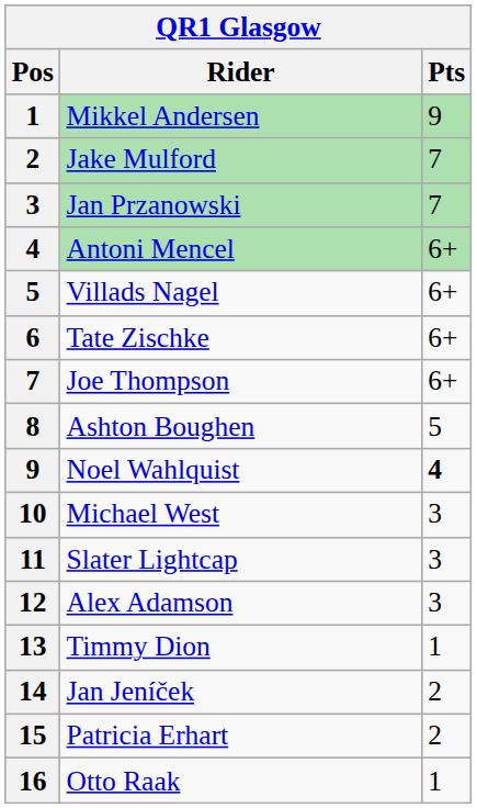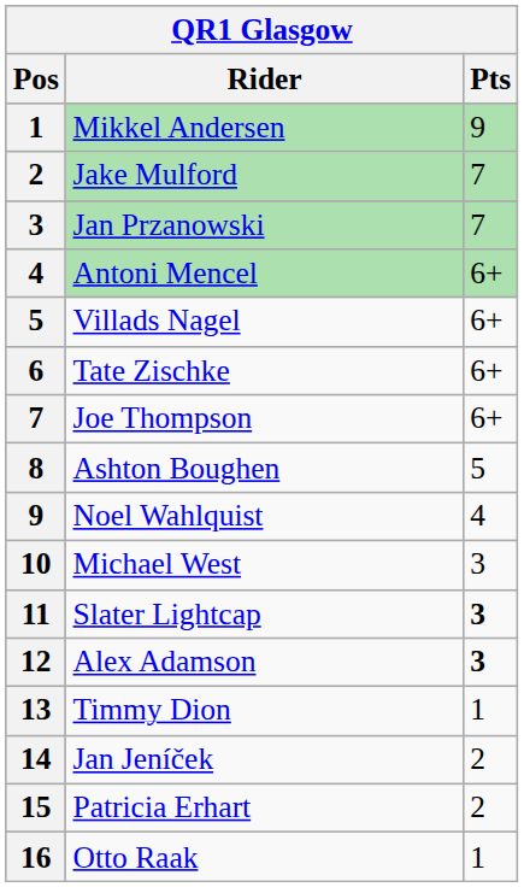 <table class="wikitable">
 <tr>
 <th colspan="3"><a href='#'>QR1 Glasgow</a></th>
 </tr>
 <tr>
 <th width=20>Pos</th>
 <th width=200>Rider</th>
 <th width=20>Pts</th>
 </tr>
 <tr style="background:#ACE1AF;">
 <th>1</th>
 <td> <a href='#'>Mikkel Andersen</a></td>
 <td>9</td>
 </tr>
 <tr style="background:#ACE1AF;">
 <th>2</th>
 <td> <a href='#'>Jake Mulford</a></td>
 <td>7</td>
 </tr>
 <tr style="background:#ACE1AF;">
 <th>3</th>
 <td> <a href='#'>Jan Przanowski</a></td>
 <td>7</td>
 </tr>
 <tr style="background:#ACE1AF;">
 <th>4</th>
 <td> <a href='#'>Antoni Mencel</a></td>
 <td>6+</td>
 </tr>
 <tr>
 <th>5</th>
 <td> <a href='#'>Villads Nagel</a></td>
 <td>6+</td>
 </tr>
 <tr>
 <th>6</th>
 <td> <a href='#'>Tate Zischke</a></td>
 <td>6+</td>
 </tr>
 <tr>
 <th>7</th>
 <td> <a href='#'>Joe Thompson</a></td>
 <td>6+</td>
 </tr>
 <tr>
 <th>8</th>
 <td> <a href='#'>Ashton Boughen</a></td>
 <td>5</td>
 </tr>
 <tr>
 <th>9</th>
 <td> <a href='#'>Noel Wahlquist</a></td>
-<td><strong>4</strong></td>
+<td>4</td>
 </tr>
 <tr>
 <th>10</th>
 <td> <a href='#'>Michael West</a></td>
 <td>3</td>
 </tr>
 <tr>
 <th>11</th>
 <td> <a href='#'>Slater Lightcap</a></td>
-<td>3</td>
+<td><strong>3</strong></td>
 </tr>
 <tr>
 <th>12</th>
 <td> <a href='#'>Alex Adamson</a></td>
-<td>3</td>
+<td><strong>3</strong></td>
 </tr>
 <tr>
 <th>13</th>
 <td> <a href='#'>Timmy Dion</a></td>
 <td>1</td>
 </tr>
 <tr>
 <th>14</th>
 <td> <a href='#'>Jan Jeníček</a></td>
 <td>2</td>
 </tr>
 <tr>
 <th>15</th>
 <td> <a href='#'>Patricia Erhart</a></td>
 <td>2</td>
 </tr>
 <tr>
 <th>16</th>
 <td> <a href='#'>Otto Raak</a></td>
 <td>1</td>
 </tr>
 </table>
